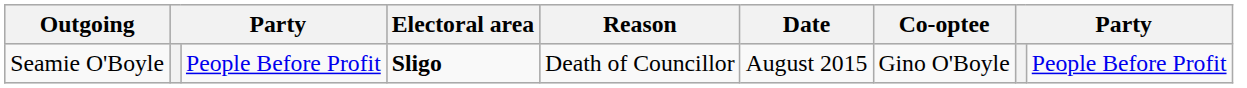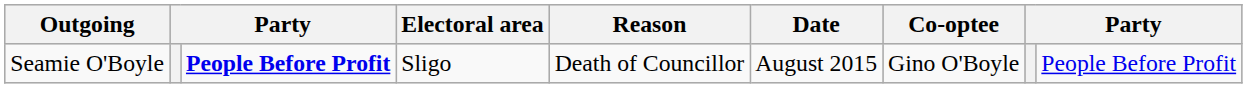 <table class="wikitable" style="font-size: 95%;">
 <tr>
 <th>Outgoing</th>
 <th colspan=2>Party</th>
 <th>Electoral area</th>
 <th>Reason</th>
 <th>Date</th>
 <th>Co-optee</th>
 <th colspan=2>Party</th>
 </tr>
 <tr>
 <td>Seamie O'Boyle</td>
 <th style="background-color: "></th>
-<td><a href='#'>People Before Profit</a></td>
-<td><strong>Sligo</strong></td>
+<td><strong><a href='#'>People Before Profit</a></strong></td>
+<td>Sligo</td>
 <td>Death of Councillor </td>
 <td>August 2015</td>
 <td>Gino O'Boyle</td>
 <th style="background-color: "></th>
 <td><a href='#'>People Before Profit</a></td>
 </tr>
 </table>
